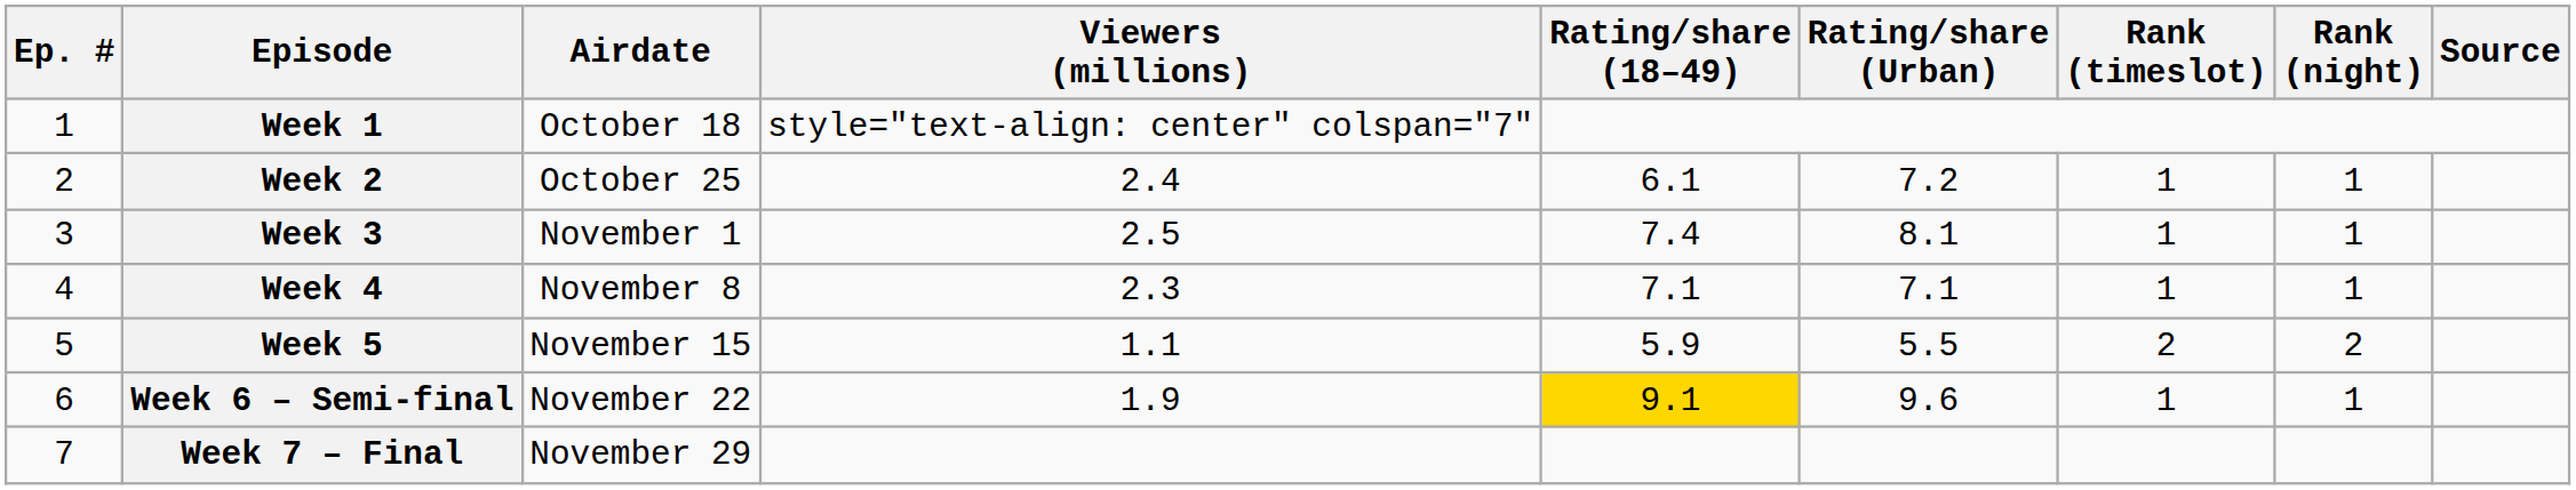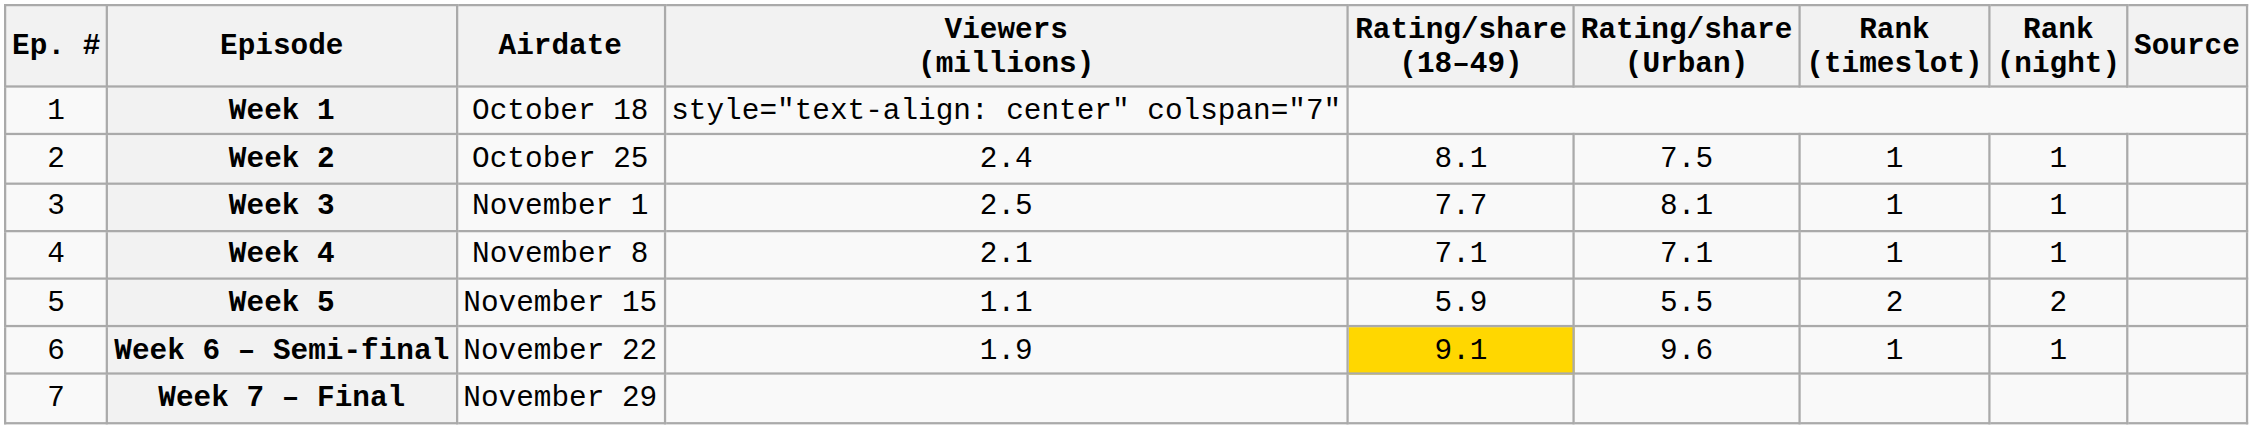 <table class="wikitable plainrowheaders" style="text-align:center">
 <tr>
 <th scope="col">Ep. #</th>
 <th>Episode</th>
 <th>Airdate</th>
 <th>Viewers<br>(millions)</th>
 <th>Rating/share<br>(18–49)</th>
 <th>Rating/share<br>(Urban)</th>
 <th>Rank<br>(timeslot)</th>
 <th>Rank<br>(night)</th>
 <th>Source</th>
 </tr>
 <tr>
 <td>1</td>
 <th>Week 1</th>
 <td>October 18</td>
 <td>style="text-align: center" colspan="7" </td>
 </tr>
 <tr>
 <td>2</td>
 <th>Week 2</th>
 <td>October 25</td>
 <td>2.4</td>
-<td>6.1</td>
-<td>7.2</td>
+<td>8.1</td>
+<td>7.5</td>
 <td>1</td>
 <td>1</td>
 <td></td>
 </tr>
 <tr>
 <td>3</td>
 <th>Week 3</th>
 <td>November 1</td>
 <td>2.5</td>
-<td>7.4</td>
+<td>7.7</td>
 <td>8.1</td>
 <td>1</td>
 <td>1</td>
 <td></td>
 </tr>
 <tr>
 <td>4</td>
 <th>Week 4</th>
 <td>November 8</td>
-<td>2.3</td>
+<td>2.1</td>
 <td>7.1</td>
 <td>7.1</td>
 <td>1</td>
 <td>1</td>
 <td></td>
 </tr>
 <tr>
 <td>5</td>
 <th>Week 5</th>
 <td>November 15</td>
 <td>1.1</td>
 <td>5.9</td>
 <td>5.5</td>
 <td>2</td>
 <td>2</td>
 <td></td>
 </tr>
 <tr>
 <td>6</td>
 <th>Week 6 – Semi-final</th>
 <td>November 22</td>
 <td>1.9</td>
 <td style="background: gold;">9.1</td>
 <td>9.6</td>
 <td>1</td>
 <td>1</td>
 <td></td>
 </tr>
 <tr>
 <td>7</td>
 <th>Week 7 – Final</th>
 <td>November 29</td>
 <td></td>
 <td></td>
 <td></td>
 <td></td>
 <td></td>
 <td></td>
 </tr>
 </table>
